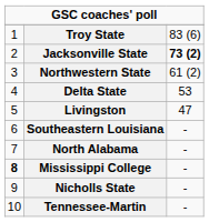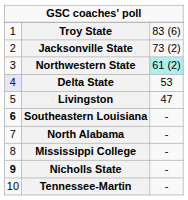 <table class="wikitable" style="display: inline-table;">
 <tr>
 <td align="center" Colspan="3"><strong>GSC coaches' poll</strong></td>
 </tr>
 <tr align="center">
 </tr>
 <tr align="center">
 <td>1</td>
 <th>Troy State</th>
 <td>83 (6)</td>
 </tr>
 <tr align="center">
 <td>2</td>
 <th>Jacksonville State</th>
-<td><strong>73 (2)</strong></td>
+<td>73 (2)</td>
 </tr>
 <tr align="center">
 <td>3</td>
 <th>Northwestern State</th>
-<td>61 (2)</td>
+<td style="background: paleturquoise;">61 (2)</td>
 </tr>
 <tr align="center">
-<td>4</td>
+<td style="background: lavender;">4</td>
 <th>Delta State</th>
 <td>53</td>
 </tr>
 <tr align="center">
 <td>5</td>
 <th>Livingston</th>
 <td>47</td>
 </tr>
 <tr align="center">
-<td>6</td>
+<td><strong>6</strong></td>
 <th>Southeastern Louisiana</th>
 <td>-</td>
 </tr>
 <tr align="center">
 <td>7</td>
 <th><strong>North Alabama</strong></th>
 <td>-</td>
 </tr>
 <tr align="center">
-<td><strong>8</strong></td>
+<td>8</td>
 <th>Mississippi College</th>
 <td>-</td>
 </tr>
 <tr align="center">
-<td>9</td>
+<td><strong>9</strong></td>
 <th>Nicholls State</th>
 <td>-</td>
 </tr>
 <tr align="center">
 <td>10</td>
 <th>Tennessee-Martin</th>
 <td>-</td>
 </tr>
 </table>
